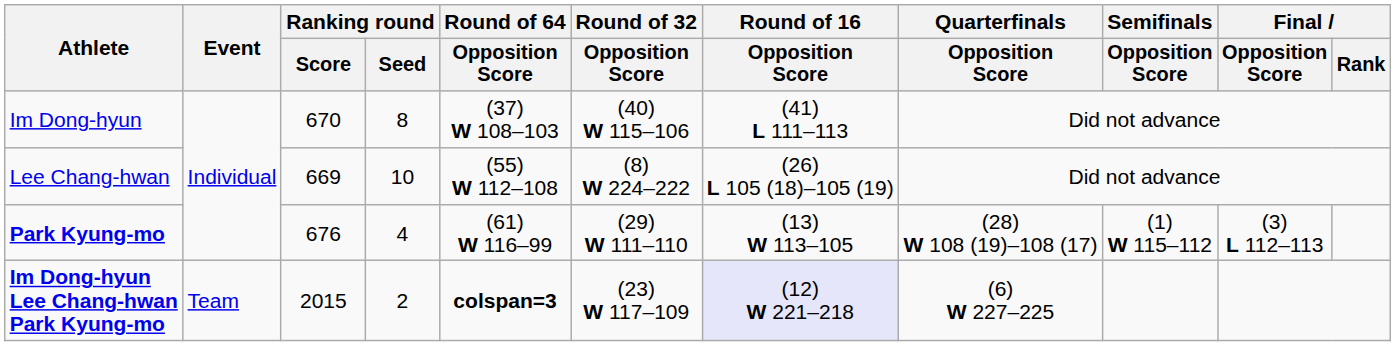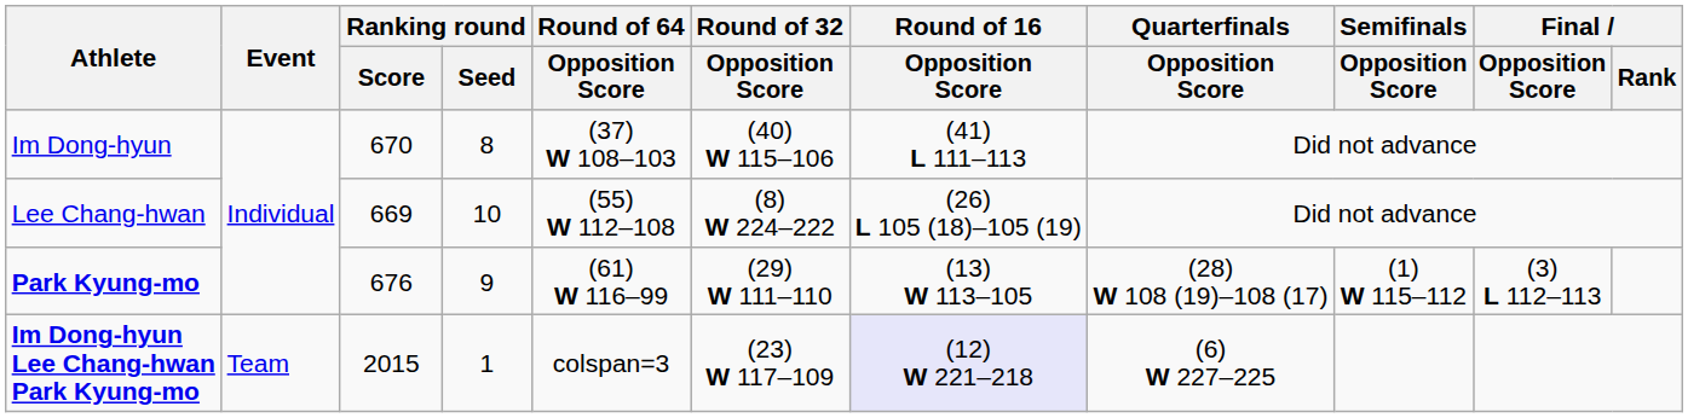 <table class="wikitable" style="font-size:90%">
 <tr>
 <th rowspan="2">Athlete</th>
 <th rowspan="2">Event</th>
 <th colspan="2">Ranking round</th>
 <th>Round of 64</th>
 <th>Round of 32</th>
 <th>Round of 16</th>
 <th>Quarterfinals</th>
 <th>Semifinals</th>
 <th colspan="2">Final / </th>
 </tr>
 <tr style="font-size:95%">
 <th>Score</th>
 <th>Seed</th>
 <th>Opposition<br>Score</th>
 <th>Opposition<br>Score</th>
 <th>Opposition<br>Score</th>
 <th>Opposition<br>Score</th>
 <th>Opposition<br>Score</th>
 <th>Opposition<br>Score</th>
 <th>Rank</th>
 </tr>
 <tr align=center>
 <td align=left><a href='#'>Im Dong-hyun</a></td>
 <td align=left rowspan=3><a href='#'>Individual</a></td>
 <td>670</td>
 <td>8</td>
 <td> (37)<br><strong>W</strong> 108–103</td>
 <td> (40)<br><strong>W</strong> 115–106</td>
 <td> (41)<br><strong>L</strong> 111–113</td>
 <td colspan=4>Did not advance</td>
 </tr>
 <tr align=center>
 <td align=left><a href='#'>Lee Chang-hwan</a></td>
 <td>669</td>
 <td>10</td>
 <td> (55)<br><strong>W</strong> 112–108</td>
 <td> (8)<br><strong>W</strong> 224–222</td>
 <td> (26)<br><strong>L</strong> 105 (18)–105 (19)</td>
 <td colspan=4>Did not advance</td>
 </tr>
 <tr align=center>
 <td align=left><strong><a href='#'>Park Kyung-mo</a></strong></td>
 <td>676</td>
-<td>4</td>
+<td>9</td>
 <td> (61)<br><strong>W</strong> 116–99</td>
 <td> (29)<br><strong>W</strong> 111–110</td>
 <td> (13)<br><strong>W</strong> 113–105</td>
 <td> (28)<br><strong>W</strong> 108 (19)–108 (17)</td>
 <td> (1)<br><strong>W</strong> 115–112</td>
 <td> (3)<br><strong>L</strong> 112–113</td>
 <td></td>
 </tr>
 <tr align=center>
 <td align=left><strong><a href='#'>Im Dong-hyun</a><br><a href='#'>Lee Chang-hwan</a><br><a href='#'>Park Kyung-mo</a></strong></td>
 <td align=left><a href='#'>Team</a></td>
 <td>2015</td>
-<td>2</td>
-<td><strong>colspan=3 </strong></td>
+<td>1</td>
+<td>colspan=3 </td>
 <td> (23)<br><strong>W</strong> 117–109 </td>
 <td style="background: lavender;"> (12)<br><strong>W</strong> 221–218</td>
 <td> (6)<br><strong>W</strong> 227–225</td>
 <td></td>
 </tr>
 </table>
